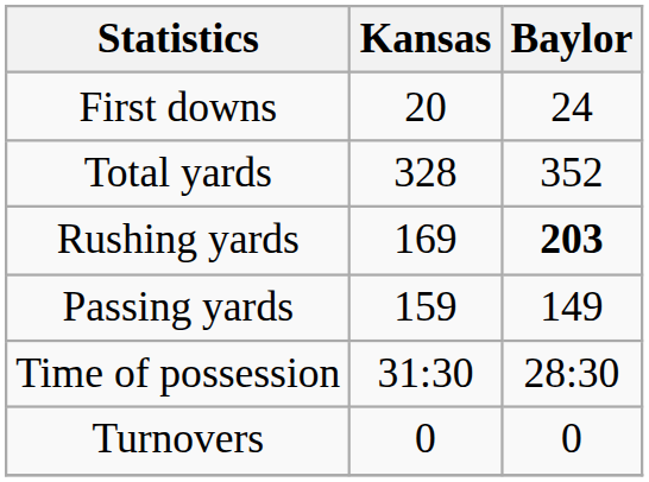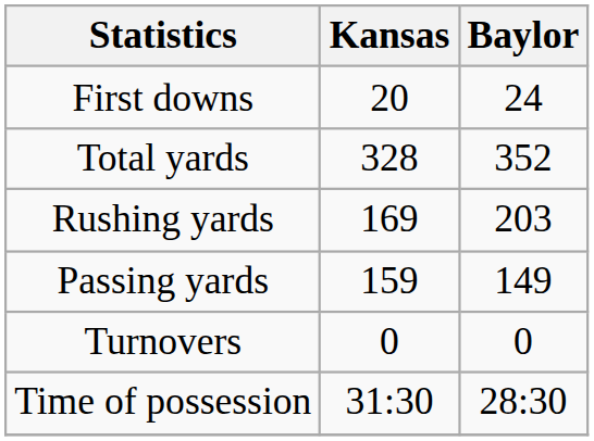 <table class="wikitable">
 <tr>
 <th>Statistics</th>
 <th>Kansas</th>
 <th>Baylor</th>
 </tr>
 <tr align="center">
 <td>First downs</td>
 <td>20</td>
 <td>24</td>
 </tr>
 <tr align="center">
 <td>Total yards</td>
 <td>328</td>
 <td>352</td>
 </tr>
 <tr align="center">
 <td>Rushing yards</td>
 <td>169</td>
-<td><strong>203</strong></td>
+<td>203</td>
 </tr>
 <tr align="center">
 <td>Passing yards</td>
 <td>159</td>
 <td>149</td>
 </tr>
 <tr align="center">
+<td>Turnovers</td>
+<td>0</td>
+<td>0</td>
+</tr>
+<tr align="center">
 <td>Time of possession</td>
 <td>31:30</td>
 <td>28:30</td>
 </tr>
-<tr align="center">
-<td>Turnovers</td>
-<td>0</td>
-<td>0</td>
-</tr>
 <tr>
 </tr>
 </table>
